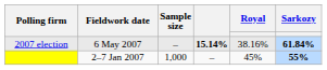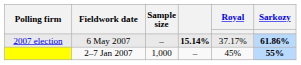 <table class="wikitable sortable" style="text-align:center;font-size:90%;line-height:14px;">
 <tr style="height:40px;">
 <th style="width:100px;" rowspan="2">Polling firm</th>
 <th style="width:110px;" rowspan="2">Fieldwork date</th>
 <th style="width:35px;" rowspan="2">Sample<br>size</th>
 <th style="width:30px;" rowspan="2"></th>
 <th class="unsortable" style="width:60px;"><a href='#'>Royal</a><br></th>
 <th class="unsortable" style="width:60px;"><a href='#'>Sarkozy</a><br></th>
 </tr>
 <tr>
 <th style="background:"></th>
 <th style="background:"></th>
 </tr>
 <tr style="background:#E9E9E9;">
 <td><a href='#'>2007 election</a></td>
 <td data-sort-value="2007-05-06">6 May 2007</td>
 <td>–</td>
 <td><strong>15.14%</strong></td>
-<td>38.16%</td>
-<td style="background:#B9DAFF;"><strong>61.84%</strong></td>
+<td>37.17%</td>
+<td style="background:#B9DAFF;"><strong>61.86%</strong></td>
 </tr>
 <tr>
 <td style="background:yellow;"></td>
 <td data-sort-value="2007-01-07">2–7 Jan 2007</td>
 <td>1,000</td>
 <td>–</td>
 <td>45%</td>
 <td style="background:#B9DAFF;"><strong>55%</strong></td>
 </tr>
 </table>
